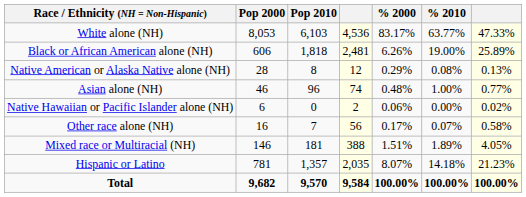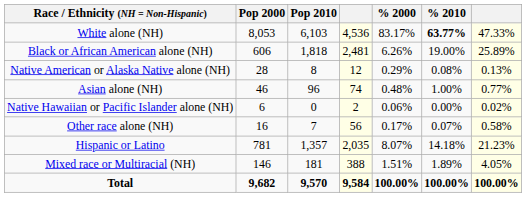 <table class="wikitable" style="text-align:center;">
 <tr>
 <th>Race / Ethnicity <small>(<em>NH = Non-Hispanic</em>)</small></th>
 <th>Pop 2000</th>
 <th>Pop 2010</th>
 <th></th>
 <th>% 2000</th>
 <th>% 2010</th>
 <th></th>
 </tr>
 <tr>
 <td><a href='#'>White</a> alone (NH)</td>
 <td>8,053</td>
 <td>6,103</td>
 <td style='background: #ffffe6;'>4,536</td>
 <td>83.17%</td>
-<td>63.77%</td>
+<td><strong>63.77%</strong></td>
 <td style='background: #ffffe6;'>47.33%</td>
 </tr>
 <tr>
 <td><a href='#'>Black or African American</a> alone (NH)</td>
 <td>606</td>
 <td>1,818</td>
 <td style='background: #ffffe6;'>2,481</td>
 <td>6.26%</td>
 <td>19.00%</td>
 <td style='background: #ffffe6;'>25.89%</td>
 </tr>
 <tr>
 <td><a href='#'>Native American</a> or <a href='#'>Alaska Native</a> alone (NH)</td>
 <td>28</td>
 <td>8</td>
 <td style='background: #ffffe6;'>12</td>
 <td>0.29%</td>
 <td>0.08%</td>
 <td style='background: #ffffe6;'>0.13%</td>
 </tr>
 <tr>
 <td><a href='#'>Asian</a> alone (NH)</td>
 <td>46</td>
 <td>96</td>
 <td style='background: #ffffe6;'>74</td>
 <td>0.48%</td>
 <td>1.00%</td>
 <td style='background: #ffffe6;'>0.77%</td>
 </tr>
 <tr>
 <td><a href='#'>Native Hawaiian</a> or <a href='#'>Pacific Islander</a> alone (NH)</td>
 <td>6</td>
 <td>0</td>
 <td style='background: #ffffe6;'>2</td>
 <td>0.06%</td>
 <td>0.00%</td>
 <td style='background: #ffffe6;'>0.02%</td>
 </tr>
 <tr>
 <td><a href='#'>Other race</a> alone (NH)</td>
 <td>16</td>
 <td>7</td>
 <td style='background: #ffffe6;'>56</td>
 <td>0.17%</td>
 <td>0.07%</td>
 <td style='background: #ffffe6;'>0.58%</td>
 </tr>
 <tr>
+<td><a href='#'>Hispanic or Latino</a></td>
+<td>781</td>
+<td>1,357</td>
+<td style='background: #ffffe6;'>2,035</td>
+<td>8.07%</td>
+<td>14.18%</td>
+<td style='background: #ffffe6;'>21.23%</td>
+</tr>
+<tr>
 <td><a href='#'>Mixed race or Multiracial</a> (NH)</td>
 <td>146</td>
 <td>181</td>
 <td style='background: #ffffe6;'>388</td>
 <td>1.51%</td>
 <td>1.89%</td>
 <td style='background: #ffffe6;'>4.05%</td>
-</tr>
-<tr>
-<td><a href='#'>Hispanic or Latino</a></td>
-<td>781</td>
-<td>1,357</td>
-<td style='background: #ffffe6;'>2,035</td>
-<td>8.07%</td>
-<td>14.18%</td>
-<td style='background: #ffffe6;'>21.23%</td>
 </tr>
 <tr>
 <td><strong>Total</strong></td>
 <td><strong>9,682</strong></td>
 <td><strong>9,570</strong></td>
 <td style='background: #ffffe6;'><strong>9,584</strong></td>
 <td><strong>100.00%</strong></td>
 <td><strong>100.00%</strong></td>
 <td style='background: #ffffe6;'><strong>100.00%</strong></td>
 </tr>
 </table>
